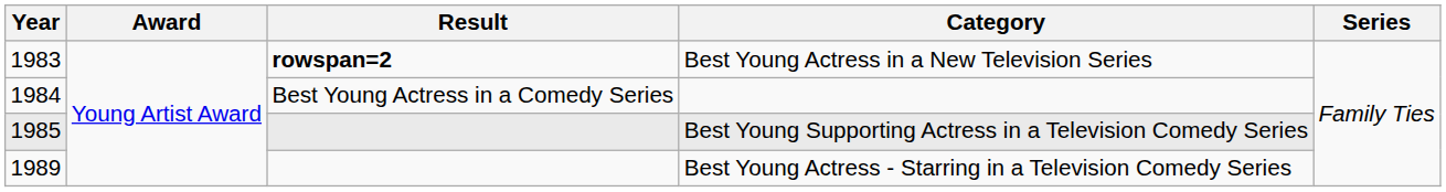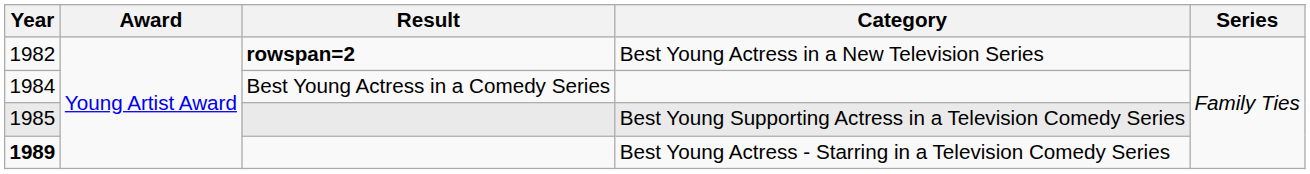 <table class="wikitable" style="font-size: 100%;">
 <tr>
 <th>Year</th>
 <th>Award</th>
 <th>Result</th>
 <th>Category</th>
 <th>Series</th>
 </tr>
 <tr>
-<td>1983</td>
+<td>1982</td>
 <td rowspan=4><a href='#'>Young Artist Award</a></td>
 <td><strong>rowspan=2 </strong></td>
 <td>Best Young Actress in a New Television Series</td>
 <td rowspan=4><em>Family Ties</em></td>
 </tr>
 <tr>
 <td>1984</td>
 <td>Best Young Actress in a Comedy Series</td>
 </tr>
 <tr style="background-color: #EAEAEA;">
 <td>1985</td>
 <td></td>
 <td>Best Young Supporting Actress in a Television Comedy Series</td>
 </tr>
 <tr>
-<td>1989</td>
+<td><strong>1989</strong></td>
 <td></td>
 <td>Best Young Actress - Starring in a Television Comedy Series</td>
 </tr>
 </table>
